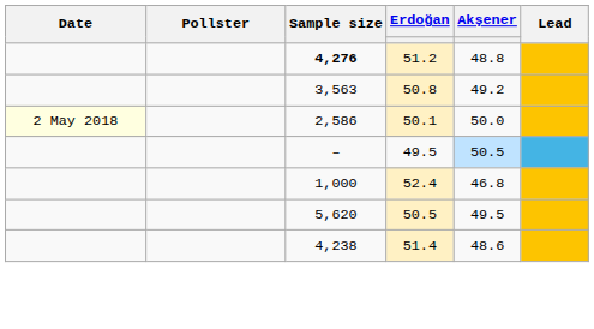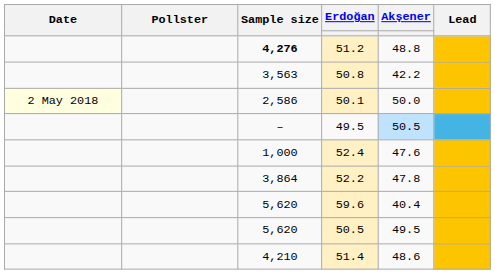 <table class="wikitable" style="text-align:center; font-size:90%; line-height:20px;">
 <tr>
 <th rowspan=2 width="110px">Date</th>
 <th rowspan=2 width="110px">Pollster</th>
 <th rowspan=2 width="50px">Sample size</th>
 <th width=50><a href='#'>Erdoğan</a></th>
 <th width=50><a href='#'>Akşener</a></th>
 <th width=50 rowspan=2>Lead</th>
 </tr>
 <tr>
 <th style="background: "></th>
 <th style="background: "></th>
 </tr>
 <tr>
 <td></td>
 <td></td>
 <td><strong>4,276</strong></td>
 <td style="background: #FFF1C4">51.2</td>
 <td>48.8</td>
 <td style="background: #FDC400"></td>
 </tr>
 <tr>
 <td></td>
 <td></td>
 <td>3,563</td>
 <td style="background: #FFF1C4">50.8</td>
-<td>49.2</td>
+<td>42.2</td>
 <td style="background: #FDC400"></td>
 </tr>
 <tr>
 <td style="background: lightyellow;">2 May 2018</td>
 <td></td>
 <td>2,586</td>
 <td style="background: #FFF1C4">50.1</td>
 <td>50.0</td>
 <td style="background: #FDC400"></td>
 </tr>
 <tr>
 <td></td>
 <td></td>
 <td>–</td>
 <td>49.5</td>
 <td style="background: #BFE3FF">50.5</td>
 <td style="background: #44B4E4"></td>
 </tr>
 <tr>
 <td></td>
 <td></td>
 <td>1,000</td>
 <td style="background: #FFF1C4">52.4</td>
-<td>46.8</td>
+<td>47.6</td>
+<td style="background: #FDC400"></td>
+</tr>
+<tr>
+<td></td>
+<td></td>
+<td>3,864</td>
+<td style="background: #FFF1C4">52.2</td>
+<td>47.8</td>
+<td style="background: #FDC400"></td>
+</tr>
+<tr>
+<td></td>
+<td></td>
+<td>5,620</td>
+<td style="background: #FFF1C4">59.6</td>
+<td>40.4</td>
 <td style="background: #FDC400"></td>
 </tr>
 <tr>
 <td></td>
 <td></td>
 <td>5,620</td>
 <td style="background: #FFF1C4">50.5</td>
 <td>49.5</td>
 <td style="background: #FDC400"></td>
 </tr>
 <tr>
 <td></td>
 <td></td>
-<td>4,238</td>
+<td>4,210</td>
 <td style="background: #FFF1C4">51.4</td>
 <td>48.6</td>
 <td style="background: #FDC400"></td>
 </tr>
 </table>
